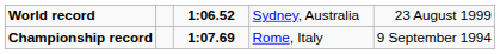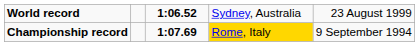 <table class="wikitable">
 <tr>
 <td><strong>World record</strong></td>
 <td style="padding-right:1em"></td>
 <td style="text-align:center;padding-left:1em; padding-right:1em;"><strong>1:06.52</strong></td>
 <td style="padding-right:1em"><a href='#'>Sydney</a>, Australia</td>
 <td align=right>23 August 1999</td>
 </tr>
 <tr>
 <td><strong>Championship record</strong></td>
 <td style="padding-right:1em"></td>
 <td style="text-align:center;padding-left:1em; padding-right:1em;"><strong>1:07.69</strong></td>
-<td style="padding-right:1em"><a href='#'>Rome</a>, Italy</td>
+<td style="background: gold; padding-right:1em"><a href='#'>Rome</a>, Italy</td>
 <td align=right>9 September 1994</td>
 </tr>
 </table>
